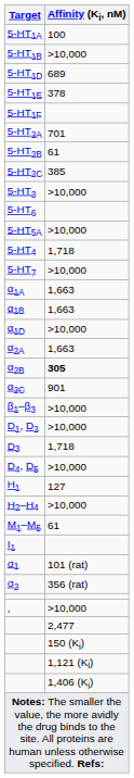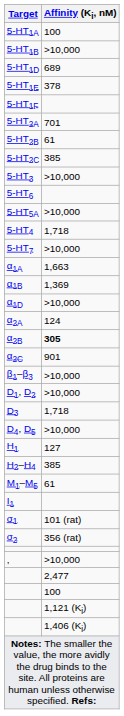 <table class="wikitable floatleft" style="font-size:small;">
 <tr>
 <th><a href='#'>Target</a></th>
 <th><a href='#'>Affinity</a> (K<sub>i</sub>, nM)</th>
 </tr>
 <tr>
 <td><a href='#'>5-HT<sub>1A</sub></a></td>
 <td>100</td>
 </tr>
 <tr>
 <td><a href='#'>5-HT<sub>1B</sub></a></td>
 <td>>10,000</td>
 </tr>
 <tr>
 <td><a href='#'>5-HT<sub>1D</sub></a></td>
 <td>689</td>
 </tr>
 <tr>
 <td><a href='#'>5-HT<sub>1E</sub></a></td>
 <td>378</td>
 </tr>
 <tr>
 <td><a href='#'>5-HT<sub>1F</sub></a></td>
 <td></td>
 </tr>
 <tr>
 <td><a href='#'>5-HT<sub>2A</sub></a></td>
 <td>701</td>
 </tr>
 <tr>
 <td><a href='#'>5-HT<sub>2B</sub></a></td>
 <td>61</td>
 </tr>
 <tr>
 <td><a href='#'>5-HT<sub>2C</sub></a></td>
 <td>385</td>
 </tr>
 <tr>
 <td><a href='#'>5-HT<sub>3</sub></a></td>
 <td>>10,000</td>
 </tr>
 <tr>
 <td><a href='#'>5-HT<sub>6</sub></a></td>
 <td></td>
 </tr>
 <tr>
 <td><a href='#'>5-HT<sub>5A</sub></a></td>
 <td>>10,000</td>
 </tr>
 <tr>
 <td><a href='#'>5-HT<sub>4</sub></a></td>
 <td>1,718</td>
 </tr>
 <tr>
 <td><a href='#'>5-HT<sub>7</sub></a></td>
 <td>>10,000</td>
 </tr>
 <tr>
 <td><a href='#'>α<sub>1A</sub></a></td>
 <td>1,663</td>
 </tr>
 <tr>
 <td><a href='#'>α<sub>1B</sub></a></td>
-<td>1,663</td>
+<td>1,369</td>
 </tr>
 <tr>
 <td><a href='#'>α<sub>1D</sub></a></td>
 <td>>10,000</td>
 </tr>
 <tr>
 <td><a href='#'>α<sub>2A</sub></a></td>
-<td>1,663</td>
+<td>124</td>
 </tr>
 <tr>
 <td><a href='#'>α<sub>2B</sub></a></td>
 <td><strong>305</strong></td>
 </tr>
 <tr>
 <td><a href='#'>α<sub>2C</sub></a></td>
 <td>901</td>
 </tr>
 <tr>
 <td><a href='#'>β<sub>1</sub></a>–<a href='#'>β<sub>3</sub></a></td>
 <td>>10,000</td>
 </tr>
 <tr>
 <td><a href='#'>D<sub>1</sub></a>, <a href='#'>D<sub>2</sub></a></td>
 <td>>10,000</td>
 </tr>
 <tr>
 <td><a href='#'>D<sub>3</sub></a></td>
 <td>1,718</td>
 </tr>
 <tr>
 <td><a href='#'>D<sub>4</sub></a>, <a href='#'>D<sub>5</sub></a></td>
 <td>>10,000</td>
 </tr>
 <tr>
 <td><a href='#'>H<sub>1</sub></a></td>
 <td>127</td>
 </tr>
 <tr>
 <td><a href='#'>H<sub>2</sub></a>–<a href='#'>H<sub>4</sub></a></td>
-<td>>10,000</td>
+<td>385</td>
 </tr>
 <tr>
 <td><a href='#'>M<sub>1</sub></a>–<a href='#'>M<sub>5</sub></a></td>
 <td>61</td>
 </tr>
 <tr>
 <td><a href='#'>I<sub>1</sub></a></td>
 <td></td>
 </tr>
 <tr>
 <td><a href='#'>σ<sub>1</sub></a></td>
 <td>101 (rat)</td>
 </tr>
 <tr>
 <td><a href='#'>σ<sub>2</sub></a></td>
 <td>356 (rat)</td>
 </tr>
 <tr>
 <td></td>
 <td></td>
 </tr>
 <tr>
 <td>, </td>
 <td>>10,000</td>
 </tr>
 <tr>
 <td></td>
 <td>2,477</td>
 </tr>
 <tr>
 <td></td>
-<td>150 (K<sub>i</sub>)</td>
+<td>100</td>
 </tr>
 <tr>
 <td></td>
 <td>1,121 (K<sub>i</sub>)</td>
 </tr>
 <tr>
 <td></td>
 <td>1,406 (K<sub>i</sub>)</td>
 </tr>
 <tr class="sortbottom">
 <td colspan="2" style="width: 1px; background-color:#eaecf0; text-align: center;"><strong>Notes:</strong> The smaller the value, the more avidly the drug binds to the site. All proteins are human unless otherwise specified. <strong>Refs:</strong> </td>
 </tr>
 </table>
